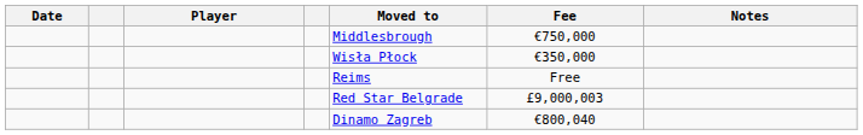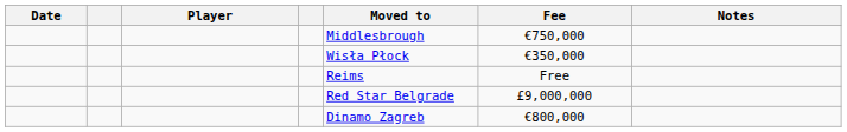 <table class="wikitable sortable">
 <tr>
 <th style="width:80px;">Date</th>
 <th style="width:30px;"></th>
 <th style="width:180px;">Player</th>
 <th style="width:20px;"></th>
 <th style="width:155px;">Moved to</th>
 <th style="width:155px;" class="unsortable">Fee</th>
 <th style="width:215px;" class="unsortable">Notes</th>
 </tr>
 <tr>
 <td></td>
 <td align=center></td>
 <td> </td>
 <td></td>
 <td> <a href='#'>Middlesbrough</a></td>
 <td align=center>€750,000</td>
 <td align=center></td>
 </tr>
 <tr>
 <td></td>
 <td align=center></td>
 <td> </td>
 <td></td>
 <td> <a href='#'>Wisła Płock</a></td>
 <td align=center>€350,000</td>
 <td align=center></td>
 </tr>
 <tr>
 <td></td>
 <td align=center></td>
 <td> </td>
 <td></td>
 <td> <a href='#'>Reims</a></td>
 <td align=center>Free</td>
 <td align=center></td>
 </tr>
 <tr>
 <td></td>
 <td align=center></td>
 <td> </td>
 <td></td>
 <td> <a href='#'>Red Star Belgrade</a></td>
-<td align=center>£9,000,003</td>
+<td align=center>£9,000,000</td>
 <td align=center></td>
 </tr>
 <tr>
 <td></td>
 <td align=center></td>
 <td> </td>
 <td></td>
 <td> <a href='#'>Dinamo Zagreb</a></td>
-<td align=center>€800,040</td>
+<td align=center>€800,000</td>
 <td align=center></td>
 </tr>
 </table>
